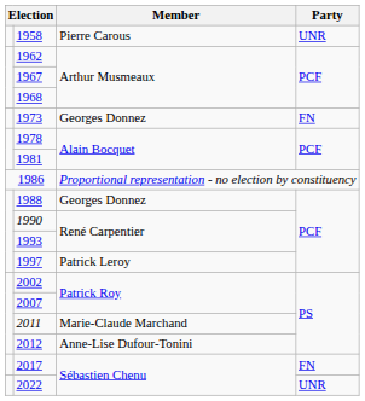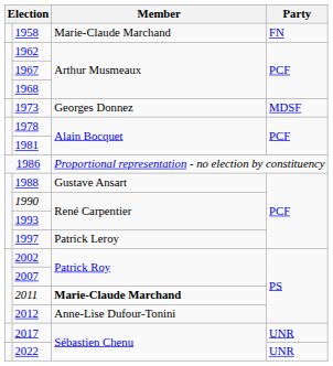 <table class="wikitable">
 <tr>
 <th colspan="2">Election</th>
 <th>Member</th>
 <th>Party</th>
 </tr>
 <tr>
 <td style="color:inherit;background-color: "></td>
 <td><a href='#'>1958</a></td>
-<td>Pierre Carous</td>
-<td><a href='#'>UNR</a></td>
+<td>Marie-Claude Marchand</td>
+<td><a href='#'>FN</a></td>
 </tr>
 <tr>
 <td rowspan="3" style="color:inherit;background-color: "></td>
 <td><a href='#'>1962</a></td>
 <td rowspan="3">Arthur Musmeaux</td>
 <td rowspan="3"><a href='#'>PCF</a></td>
 </tr>
 <tr>
 <td><a href='#'>1967</a></td>
 </tr>
 <tr>
 <td><a href='#'>1968</a></td>
 </tr>
 <tr>
 <td style="color:inherit;background-color: "></td>
 <td><a href='#'>1973</a></td>
 <td>Georges Donnez</td>
-<td><a href='#'>FN</a></td>
+<td><a href='#'>MDSF</a></td>
 </tr>
 <tr>
 <td rowspan="2" style="color:inherit;background-color: "></td>
 <td><a href='#'>1978</a></td>
 <td rowspan="2"><a href='#'>Alain Bocquet</a></td>
 <td rowspan="2"><a href='#'>PCF</a></td>
 </tr>
 <tr>
 <td><a href='#'>1981</a></td>
 </tr>
 <tr>
 <td colspan="2" align="center"><a href='#'>1986</a></td>
 <td colspan="2"><em><a href='#'>Proportional representation</a> - no election by constituency</em></td>
 </tr>
 <tr>
 <td rowspan="4" style="color:inherit;background-color: "></td>
 <td><a href='#'>1988</a></td>
-<td>Georges Donnez</td>
+<td>Gustave Ansart</td>
 <td rowspan="4"><a href='#'>PCF</a></td>
 </tr>
 <tr>
 <td><em>1990</em></td>
 <td rowspan="2">René Carpentier</td>
 </tr>
 <tr>
 <td><a href='#'>1993</a></td>
 </tr>
 <tr>
 <td><a href='#'>1997</a></td>
 <td>Patrick Leroy</td>
 </tr>
 <tr>
 <td rowspan="4" style="color:inherit;background-color: "></td>
 <td><a href='#'>2002</a></td>
 <td rowspan="2"><a href='#'>Patrick Roy</a></td>
 <td rowspan="4"><a href='#'>PS</a></td>
 </tr>
 <tr>
 <td><a href='#'>2007</a></td>
 </tr>
 <tr>
 <td><em>2011</em></td>
-<td>Marie-Claude Marchand</td>
+<td><strong>Marie-Claude Marchand</strong></td>
 </tr>
 <tr>
 <td><a href='#'>2012</a></td>
 <td>Anne-Lise Dufour-Tonini</td>
 </tr>
 <tr>
 <td style="color:inherit;background-color: "></td>
 <td><a href='#'>2017</a></td>
 <td rowspan="2"><a href='#'>Sébastien Chenu</a></td>
-<td><a href='#'>FN</a></td>
+<td><a href='#'>UNR</a></td>
 </tr>
 <tr>
 <td style="color:inherit;background-color: "></td>
 <td><a href='#'>2022</a></td>
 <td><a href='#'>UNR</a></td>
 </tr>
 </table>
